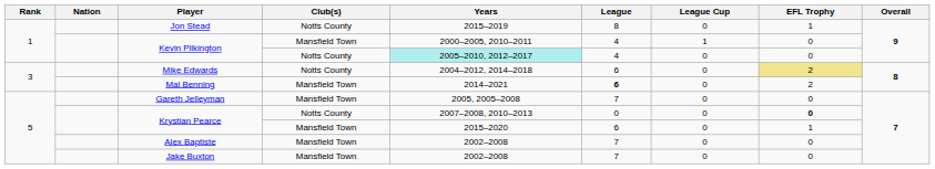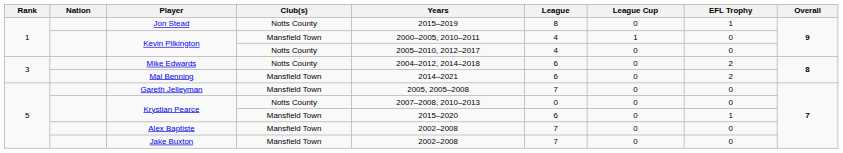 <table class="wikitable" style="text-align: center; width: 100%; font-size: 12px">
 <tr>
 <th>Rank</th>
 <th>Nation</th>
 <th>Player</th>
 <th>Club(s)</th>
 <th>Years</th>
 <th>League</th>
 <th>League Cup</th>
 <th>EFL Trophy</th>
 <th>Overall</th>
 </tr>
 <tr>
 <td rowspan=3>1</td>
 <td></td>
 <td><a href='#'>Jon Stead</a></td>
 <td>Notts County</td>
 <td>2015–2019</td>
 <td>8</td>
 <td>0</td>
 <td>1</td>
 <td rowspan=3><strong>9</strong></td>
 </tr>
 <tr>
 <td rowspan=2></td>
 <td rowspan=2><a href='#'>Kevin Pilkington</a></td>
 <td>Mansfield Town</td>
 <td>2000–2005, 2010–2011</td>
 <td>4</td>
 <td>1</td>
 <td>0</td>
 </tr>
 <tr>
 <td>Notts County</td>
-<td style="background: paleturquoise;">2005–2010, 2012–2017</td>
+<td>2005–2010, 2012–2017</td>
 <td>4</td>
 <td>0</td>
 <td>0</td>
 </tr>
 <tr>
 <td rowspan=2>3</td>
 <td></td>
 <td><a href='#'>Mike Edwards</a></td>
 <td>Notts County</td>
 <td>2004–2012, 2014–2018</td>
 <td>6</td>
 <td>0</td>
-<td style="background: khaki;">2</td>
+<td>2</td>
 <td rowspan=2><strong>8</strong></td>
 </tr>
 <tr>
 <td></td>
 <td><a href='#'>Mal Benning</a></td>
 <td>Mansfield Town</td>
 <td>2014–2021</td>
-<td><strong>6</strong></td>
+<td>6</td>
 <td>0</td>
 <td>2</td>
 </tr>
 <tr>
 <td rowspan=5>5</td>
 <td></td>
 <td><a href='#'>Gareth Jelleyman</a></td>
 <td>Mansfield Town</td>
 <td>2005, 2005–2008</td>
 <td>7</td>
 <td>0</td>
 <td>0</td>
 <td rowspan=5><strong>7</strong></td>
 </tr>
 <tr>
 <td rowspan=2></td>
 <td rowspan=2><a href='#'>Krystian Pearce</a></td>
 <td>Notts County</td>
 <td>2007–2008, 2010–2013</td>
 <td>0</td>
 <td>0</td>
-<td><strong>0</strong></td>
+<td>0</td>
 </tr>
 <tr>
 <td>Mansfield Town</td>
 <td>2015–2020</td>
 <td>6</td>
 <td>0</td>
 <td>1</td>
 </tr>
 <tr>
 <td></td>
 <td><a href='#'>Alex Baptiste</a></td>
 <td>Mansfield Town</td>
 <td>2002–2008</td>
 <td>7</td>
 <td>0</td>
 <td>0</td>
 </tr>
 <tr>
 <td></td>
 <td><a href='#'>Jake Buxton</a></td>
 <td>Mansfield Town</td>
 <td>2002–2008</td>
 <td>7</td>
 <td>0</td>
 <td>0</td>
 </tr>
 </table>
